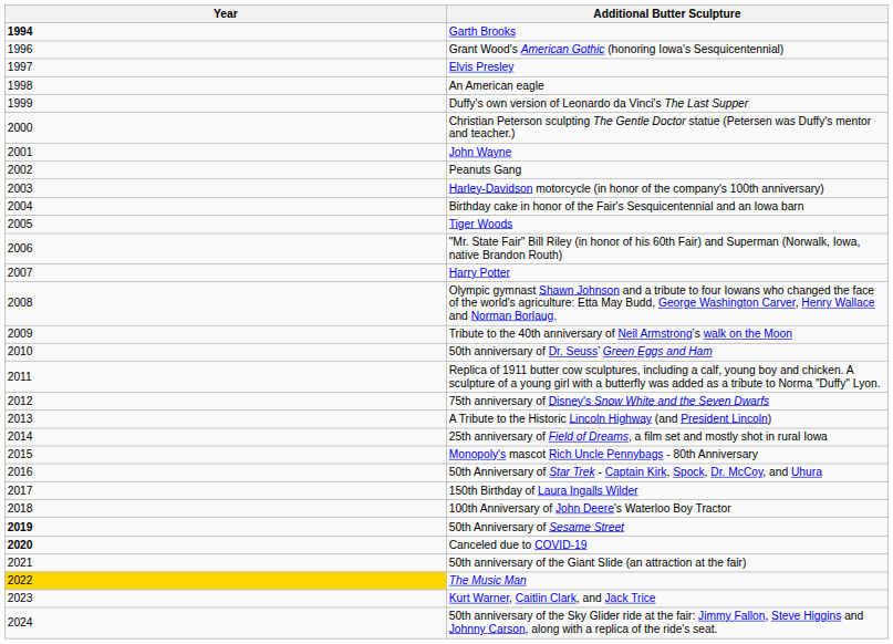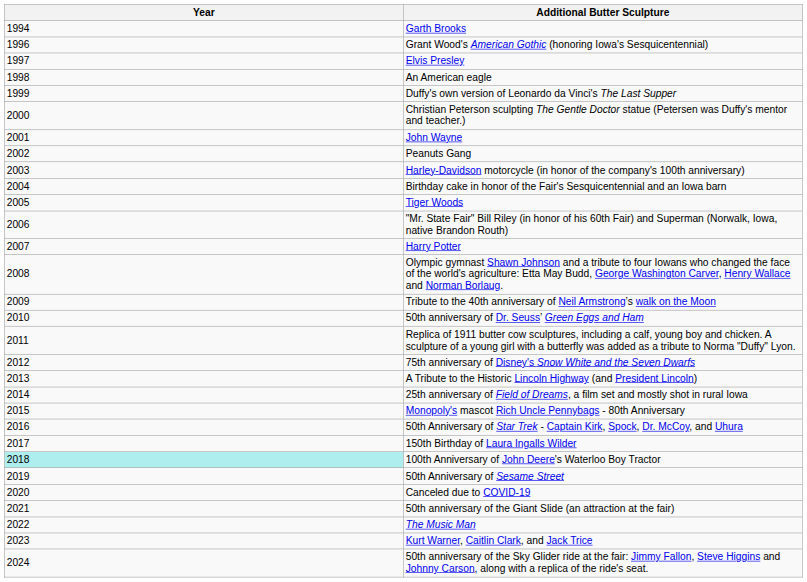 <table class="wikitable">
 <tr>
 <th bgcolor="#cccccc"width="20%">Year</th>
 <th bgcolor="#cccccc"width="20%">Additional Butter Sculpture</th>
 </tr>
 <tr>
-<td><strong>1994</strong></td>
+<td>1994</td>
 <td><a href='#'>Garth Brooks</a></td>
 </tr>
 <tr>
 <td>1996</td>
 <td>Grant Wood's <em><a href='#'>American Gothic</a></em> (honoring Iowa's Sesquicentennial)</td>
 </tr>
 <tr>
 <td>1997</td>
 <td><a href='#'>Elvis Presley</a></td>
 </tr>
 <tr>
 <td>1998</td>
 <td>An American eagle</td>
 </tr>
 <tr>
 <td>1999</td>
 <td>Duffy's own version of Leonardo da Vinci's <em>The Last Supper</em></td>
 </tr>
 <tr>
 <td>2000</td>
 <td>Christian Peterson sculpting <em>The Gentle Doctor</em> statue (Petersen was Duffy's mentor and teacher.)</td>
 </tr>
 <tr>
 <td>2001</td>
 <td><a href='#'>John Wayne</a></td>
 </tr>
 <tr>
 <td>2002</td>
 <td>Peanuts Gang</td>
 </tr>
 <tr>
 <td>2003</td>
 <td><a href='#'>Harley-Davidson</a> motorcycle (in honor of the company's 100th anniversary)</td>
 </tr>
 <tr>
 <td>2004</td>
 <td>Birthday cake in honor of the Fair's Sesquicentennial and an Iowa barn</td>
 </tr>
 <tr>
 <td>2005</td>
 <td><a href='#'>Tiger Woods</a></td>
 </tr>
 <tr>
 <td>2006</td>
 <td>"Mr. State Fair" Bill Riley (in honor of his 60th Fair) and Superman (Norwalk, Iowa, native Brandon Routh)</td>
 </tr>
 <tr>
 <td>2007</td>
 <td><a href='#'>Harry Potter</a></td>
 </tr>
 <tr>
 <td>2008</td>
 <td>Olympic gymnast <a href='#'>Shawn Johnson</a> and a tribute to four Iowans who changed the face of the world's agriculture:  Etta May Budd, <a href='#'>George Washington Carver</a>, <a href='#'>Henry Wallace</a> and <a href='#'>Norman Borlaug</a>.</td>
 </tr>
 <tr>
 <td>2009</td>
 <td>Tribute to the 40th anniversary of <a href='#'>Neil Armstrong</a>’s <a href='#'>walk on the Moon</a></td>
 </tr>
 <tr>
 <td>2010</td>
 <td>50th anniversary of <a href='#'>Dr. Seuss</a>’ <em><a href='#'>Green Eggs and Ham</a></em></td>
 </tr>
 <tr>
 <td>2011</td>
 <td>Replica of 1911 butter cow sculptures, including a calf, young boy and chicken. A sculpture of a young girl with a butterfly was added as a tribute to Norma "Duffy" Lyon.</td>
 </tr>
 <tr>
 <td>2012</td>
 <td>75th anniversary of <a href='#'>Disney's <em>Snow White and the Seven Dwarfs</em></a></td>
 </tr>
 <tr>
 <td>2013</td>
 <td>A Tribute to the Historic <a href='#'>Lincoln Highway</a> (and <a href='#'>President Lincoln</a>)</td>
 </tr>
 <tr>
 <td>2014</td>
 <td>25th anniversary of <em><a href='#'>Field of Dreams</a></em>, a film set and mostly shot in rural Iowa</td>
 </tr>
 <tr>
 <td>2015</td>
 <td><a href='#'>Monopoly's</a> mascot <a href='#'>Rich Uncle Pennybags</a> - 80th Anniversary</td>
 </tr>
 <tr>
 <td>2016</td>
 <td>50th Anniversary of <em><a href='#'>Star Trek</a></em> - <a href='#'>Captain Kirk</a>, <a href='#'>Spock</a>, <a href='#'>Dr. McCoy</a>, and <a href='#'>Uhura</a></td>
 </tr>
 <tr>
 <td>2017</td>
 <td>150th Birthday of <a href='#'>Laura Ingalls Wilder</a></td>
 </tr>
 <tr>
-<td>2018</td>
+<td style="background: paleturquoise;">2018</td>
 <td>100th Anniversary of <a href='#'>John Deere</a>'s Waterloo Boy Tractor</td>
 </tr>
 <tr>
-<td><strong>2019</strong></td>
+<td>2019</td>
 <td>50th Anniversary of <em><a href='#'>Sesame Street</a></em></td>
 </tr>
 <tr>
-<td><strong>2020</strong></td>
+<td>2020</td>
 <td>Canceled due to <a href='#'>COVID-19</a></td>
 </tr>
 <tr>
 <td>2021</td>
 <td>50th anniversary of the Giant Slide (an attraction at the fair)</td>
 </tr>
 <tr>
-<td style="background: gold;">2022</td>
+<td>2022</td>
 <td><em><a href='#'>The Music Man</a></em></td>
 </tr>
 <tr>
 <td>2023</td>
 <td><a href='#'>Kurt Warner</a>, <a href='#'>Caitlin Clark</a>, and <a href='#'>Jack Trice</a></td>
 </tr>
 <tr>
 <td>2024</td>
 <td>50th anniversary of the Sky Glider ride at the fair: <a href='#'>Jimmy Fallon</a>, <a href='#'>Steve Higgins</a> and <a href='#'>Johnny Carson</a>, along with a replica of the ride's seat.</td>
 </tr>
 </table>
